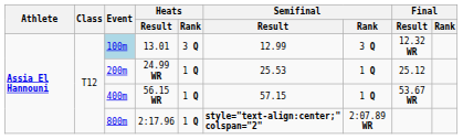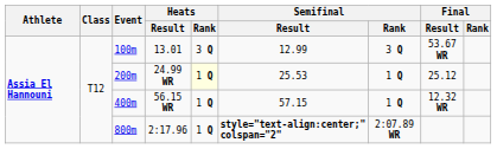 <table class=wikitable style="font-size:90%">
 <tr>
 <th rowspan="2">Athlete</th>
 <th rowspan="2">Class</th>
 <th rowspan="2">Event</th>
 <th colspan="2">Heats</th>
 <th colspan="2">Semifinal</th>
 <th colspan="2">Final</th>
 </tr>
 <tr>
 <th>Result</th>
 <th>Rank</th>
 <th>Result</th>
 <th>Rank</th>
 <th>Result</th>
 <th>Rank</th>
 </tr>
 <tr>
 <td rowspan="4"><strong><a href='#'>Assia El Hannouni</a></strong></td>
 <td rowspan="4" style="text-align:center;">T12</td>
-<td style="background: lightblue;"><a href='#'>100m</a></td>
+<td><a href='#'>100m</a></td>
 <td style="text-align:center;">13.01</td>
 <td style="text-align:center;">3 <strong>Q</strong></td>
 <td style="text-align:center;">12.99</td>
 <td style="text-align:center;">3 <strong>Q</strong></td>
-<td style="text-align:center;">12.32 <strong>WR</strong></td>
+<td style="text-align:center;">53.67 <strong>WR</strong></td>
 <td style="text-align:center;"></td>
 </tr>
 <tr>
 <td><a href='#'>200m</a></td>
 <td style="text-align:center;">24.99 <strong>WR</strong></td>
-<td style="text-align:center;">1 <strong>Q</strong></td>
+<td style="background: lightyellow; text-align:center;">1 <strong>Q</strong></td>
 <td style="text-align:center;">25.53</td>
 <td style="text-align:center;">1 <strong>Q</strong></td>
 <td style="text-align:center;">25.12</td>
 <td style="text-align:center;"></td>
 </tr>
 <tr>
 <td><a href='#'>400m</a></td>
 <td style="text-align:center;">56.15 <strong>WR</strong></td>
 <td style="text-align:center;">1 <strong>Q</strong></td>
 <td style="text-align:center;">57.15</td>
 <td style="text-align:center;">1 <strong>Q</strong></td>
-<td style="text-align:center;">53.67 <strong>WR</strong></td>
+<td style="text-align:center;">12.32 <strong>WR</strong></td>
 <td style="text-align:center;"></td>
 </tr>
 <tr>
 <td><a href='#'>800m</a></td>
 <td style="text-align:center;">2:17.96</td>
 <td style="text-align:center;">1 <strong>Q</strong></td>
 <td><strong>style="text-align:center;" colspan="2" </strong></td>
 <td style="text-align:center;">2:07.89 <strong>WR</strong></td>
 <td style="text-align:center;"></td>
 </tr>
 </table>
